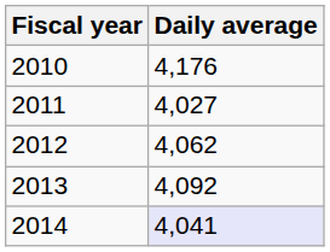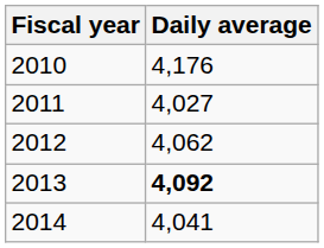 <table class="wikitable">
 <tr>
 <th>Fiscal year</th>
 <th>Daily average</th>
 </tr>
 <tr>
 <td>2010</td>
 <td>4,176</td>
 </tr>
 <tr>
 <td>2011</td>
 <td>4,027</td>
 </tr>
 <tr>
 <td>2012</td>
 <td>4,062</td>
 </tr>
 <tr>
 <td>2013</td>
-<td>4,092</td>
+<td><strong>4,092</strong></td>
 </tr>
 <tr>
 <td>2014</td>
-<td style="background: lavender;">4,041</td>
+<td>4,041</td>
 </tr>
 </table>
